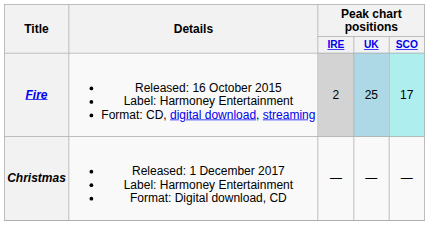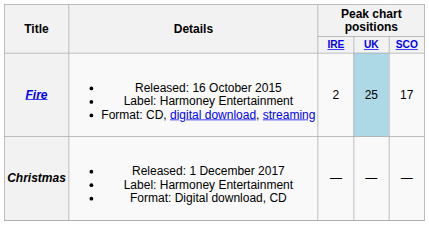 <table class="wikitable plainrowheaders" style="text-align:center;">
 <tr>
 <th scope="col" rowspan="2">Title</th>
 <th scope="col" rowspan="2">Details</th>
 <th scope="col" colspan="3">Peak chart positions</th>
 </tr>
 <tr>
 <th scope="col" style="width:3em;font-size:85%;"><a href='#'>IRE</a><br></th>
 <th scope="col" style="width:3em;font-size:85%;"><a href='#'>UK</a><br></th>
 <th scope="col" style="width:3em;font-size:85%;"><a href='#'>SCO</a><br></th>
 </tr>
 <tr>
 <th scope="row"><em><a href='#'>Fire</a></em></th>
 <td><br><ul><li>Released: 16 October 2015</li><li>Label: Harmoney Entertainment</li><li>Format: CD, <a href='#'>digital download</a>, <a href='#'>streaming</a></li></ul></td>
-<td style="background: lightgrey;">2</td>
+<td>2</td>
 <td style="background: lightblue;">25</td>
-<td style="background: paleturquoise;">17</td>
+<td>17</td>
 </tr>
 <tr>
 <th scope="row"><em>Christmas</em></th>
 <td><br><ul><li>Released: 1 December 2017</li><li>Label: Harmoney Entertainment</li><li>Format: Digital download, CD</li></ul></td>
 <td>—</td>
 <td>—</td>
 <td>—</td>
 </tr>
 <tr>
 </tr>
 </table>
